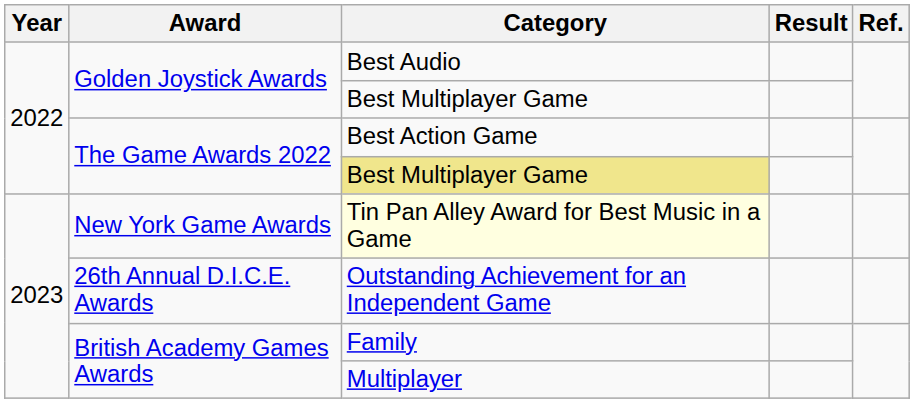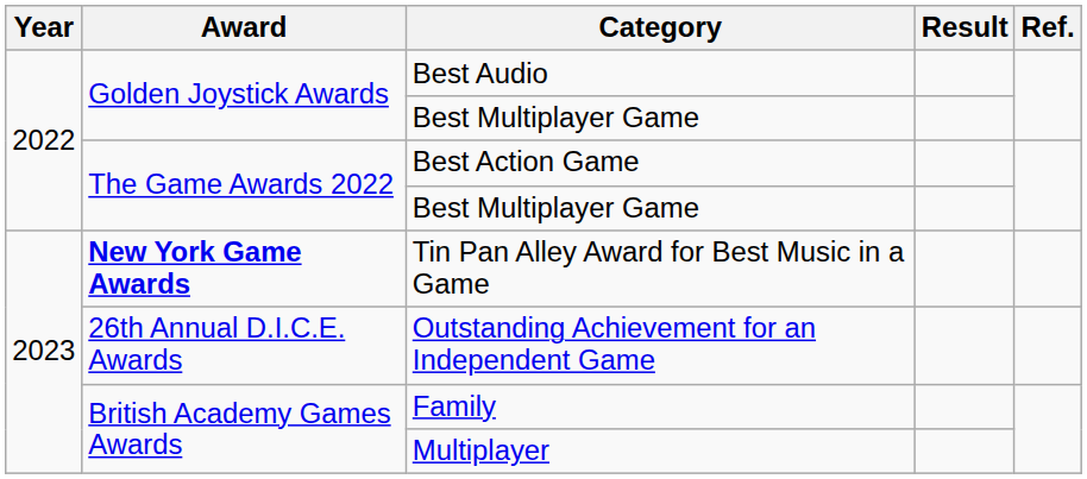 <table class="wikitable sortable">
 <tr>
 <th scope="col">Year</th>
 <th scope="col">Award</th>
 <th scope="col">Category</th>
 <th scope="col">Result</th>
 <th scope="col">Ref.</th>
 </tr>
 <tr>
 <td style="text-align:center;" rowspan="4">2022</td>
 <td scope="row" rowspan="2"><a href='#'>Golden Joystick Awards</a></td>
 <td>Best Audio</td>
 <td></td>
 <td style="text-align:center;" scope="row" rowspan="2"></td>
 </tr>
 <tr>
 <td>Best Multiplayer Game</td>
 <td></td>
 </tr>
 <tr>
 <td scope="row" rowspan="2"><a href='#'>The Game Awards 2022</a></td>
 <td>Best Action Game</td>
 <td></td>
 <td style="text-align:center;" scope="row" rowspan="2"></td>
 </tr>
 <tr>
-<td style="background: khaki;">Best Multiplayer Game</td>
+<td>Best Multiplayer Game</td>
 <td></td>
 </tr>
 <tr>
 <td style="text-align:center;" rowspan="4">2023</td>
-<td scope="row"><a href='#'>New York Game Awards</a></td>
-<td style="background: lightyellow;">Tin Pan Alley Award for Best Music in a Game</td>
+<td scope="row"><strong><a href='#'>New York Game Awards</a></strong></td>
+<td>Tin Pan Alley Award for Best Music in a Game</td>
 <td></td>
 <td style="text-align:center;"></td>
 </tr>
 <tr>
 <td scope="row"><a href='#'>26th Annual D.I.C.E. Awards</a></td>
 <td><a href='#'>Outstanding Achievement for an Independent Game</a></td>
 <td></td>
 <td style="text-align:center;"></td>
 </tr>
 <tr>
 <td rowspan=2><a href='#'>British Academy Games Awards</a></td>
 <td><a href='#'>Family</a></td>
 <td></td>
 <td style="text-align:center;" scope="row" rowspan="2"></td>
 </tr>
 <tr>
 <td><a href='#'>Multiplayer</a></td>
 <td></td>
 </tr>
 </table>
